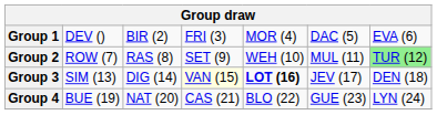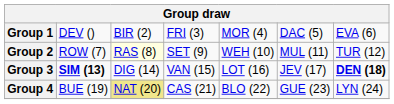 <table class="wikitable" style="text-align:center; font-size:85%">
 <tr>
 <th colspan="7">Group draw</th>
 </tr>
 <tr>
 <th>Group 1</th>
 <td align="left"> <a href='#'>DEV</a> ()</td>
 <td align="left"> <a href='#'>BIR</a> (2)</td>
 <td align="left"> <a href='#'>FRI</a> (3)</td>
 <td align="left"> <a href='#'>MOR</a> (4)</td>
 <td align="left"> <a href='#'>DAC</a> (5)</td>
 <td align="left"> <a href='#'>EVA</a> (6)</td>
 </tr>
 <tr>
 <th>Group 2</th>
 <td align="left"> <a href='#'>ROW</a> (7)</td>
-<td align="left"> <a href='#'>RAS</a> (8)</td>
+<td align="left" style="background: lightyellow;"> <a href='#'>RAS</a> (8)</td>
 <td align="left"> <a href='#'>SET</a> (9)</td>
 <td align="left"> <a href='#'>WEH</a> (10)</td>
 <td align="left"> <a href='#'>MUL</a> (11)</td>
-<td align="left" style="background: lightgreen;"> <a href='#'>TUR</a> (12)</td>
+<td align="left"> <a href='#'>TUR</a> (12)</td>
 </tr>
 <tr>
 <th>Group 3</th>
-<td align="left"> <a href='#'>SIM</a> (13)</td>
+<td align="left"><strong> <a href='#'>SIM</a> (13)</strong></td>
 <td align="left"> <a href='#'>DIG</a> (14)</td>
-<td align="left" style="background: lightyellow;"> <a href='#'>VAN</a> (15)</td>
-<td align="left"><strong> <a href='#'>LOT</a> (16)</strong></td>
+<td align="left"> <a href='#'>VAN</a> (15)</td>
+<td align="left"> <a href='#'>LOT</a> (16)</td>
 <td align="left"> <a href='#'>JEV</a> (17)</td>
-<td align="left"> <a href='#'>DEN</a> (18)</td>
+<td align="left"><strong> <a href='#'>DEN</a> (18)</strong></td>
 </tr>
 <tr>
 <th>Group 4</th>
 <td align="left"> <a href='#'>BUE</a> (19)</td>
-<td align="left"> <a href='#'>NAT</a> (20)</td>
+<td align="left" style="background: khaki;"> <a href='#'>NAT</a> (20)</td>
 <td align="left"> <a href='#'>CAS</a> (21)</td>
 <td align="left"> <a href='#'>BLO</a> (22)</td>
 <td align="left"> <a href='#'>GUE</a> (23)</td>
 <td align="left"> <a href='#'>LYN</a> (24)</td>
 </tr>
 <tr>
 </tr>
 </table>
